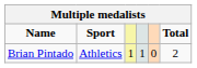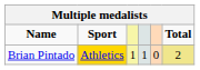 <table class="wikitable" style="font-size:85%; text-align:center;">
 <tr style="background:#efefef;">
 <th colspan=7>Multiple medalists</th>
 </tr>
 <tr align=center>
 <td><strong>Name</strong></td>
 <td><strong>Sport</strong></td>
 <td style="background:#f7f6a8;"></td>
 <td style="background:#dce5e5;"></td>
 <td style="background:#ffdab9;"></td>
 <td><strong>Total</strong></td>
 </tr>
 <tr align=center>
 <td><a href='#'>Brian Pintado</a></td>
-<td><a href='#'>Athletics</a></td>
+<td style="background: gold;"><a href='#'>Athletics</a></td>
 <td style="background:#f7f6a8;">1</td>
 <td style="background:#dce5e5;">1</td>
 <td style="background:#ffdab9;">0</td>
-<td>2</td>
+<td style="background: khaki;">2</td>
 </tr>
 </table>
